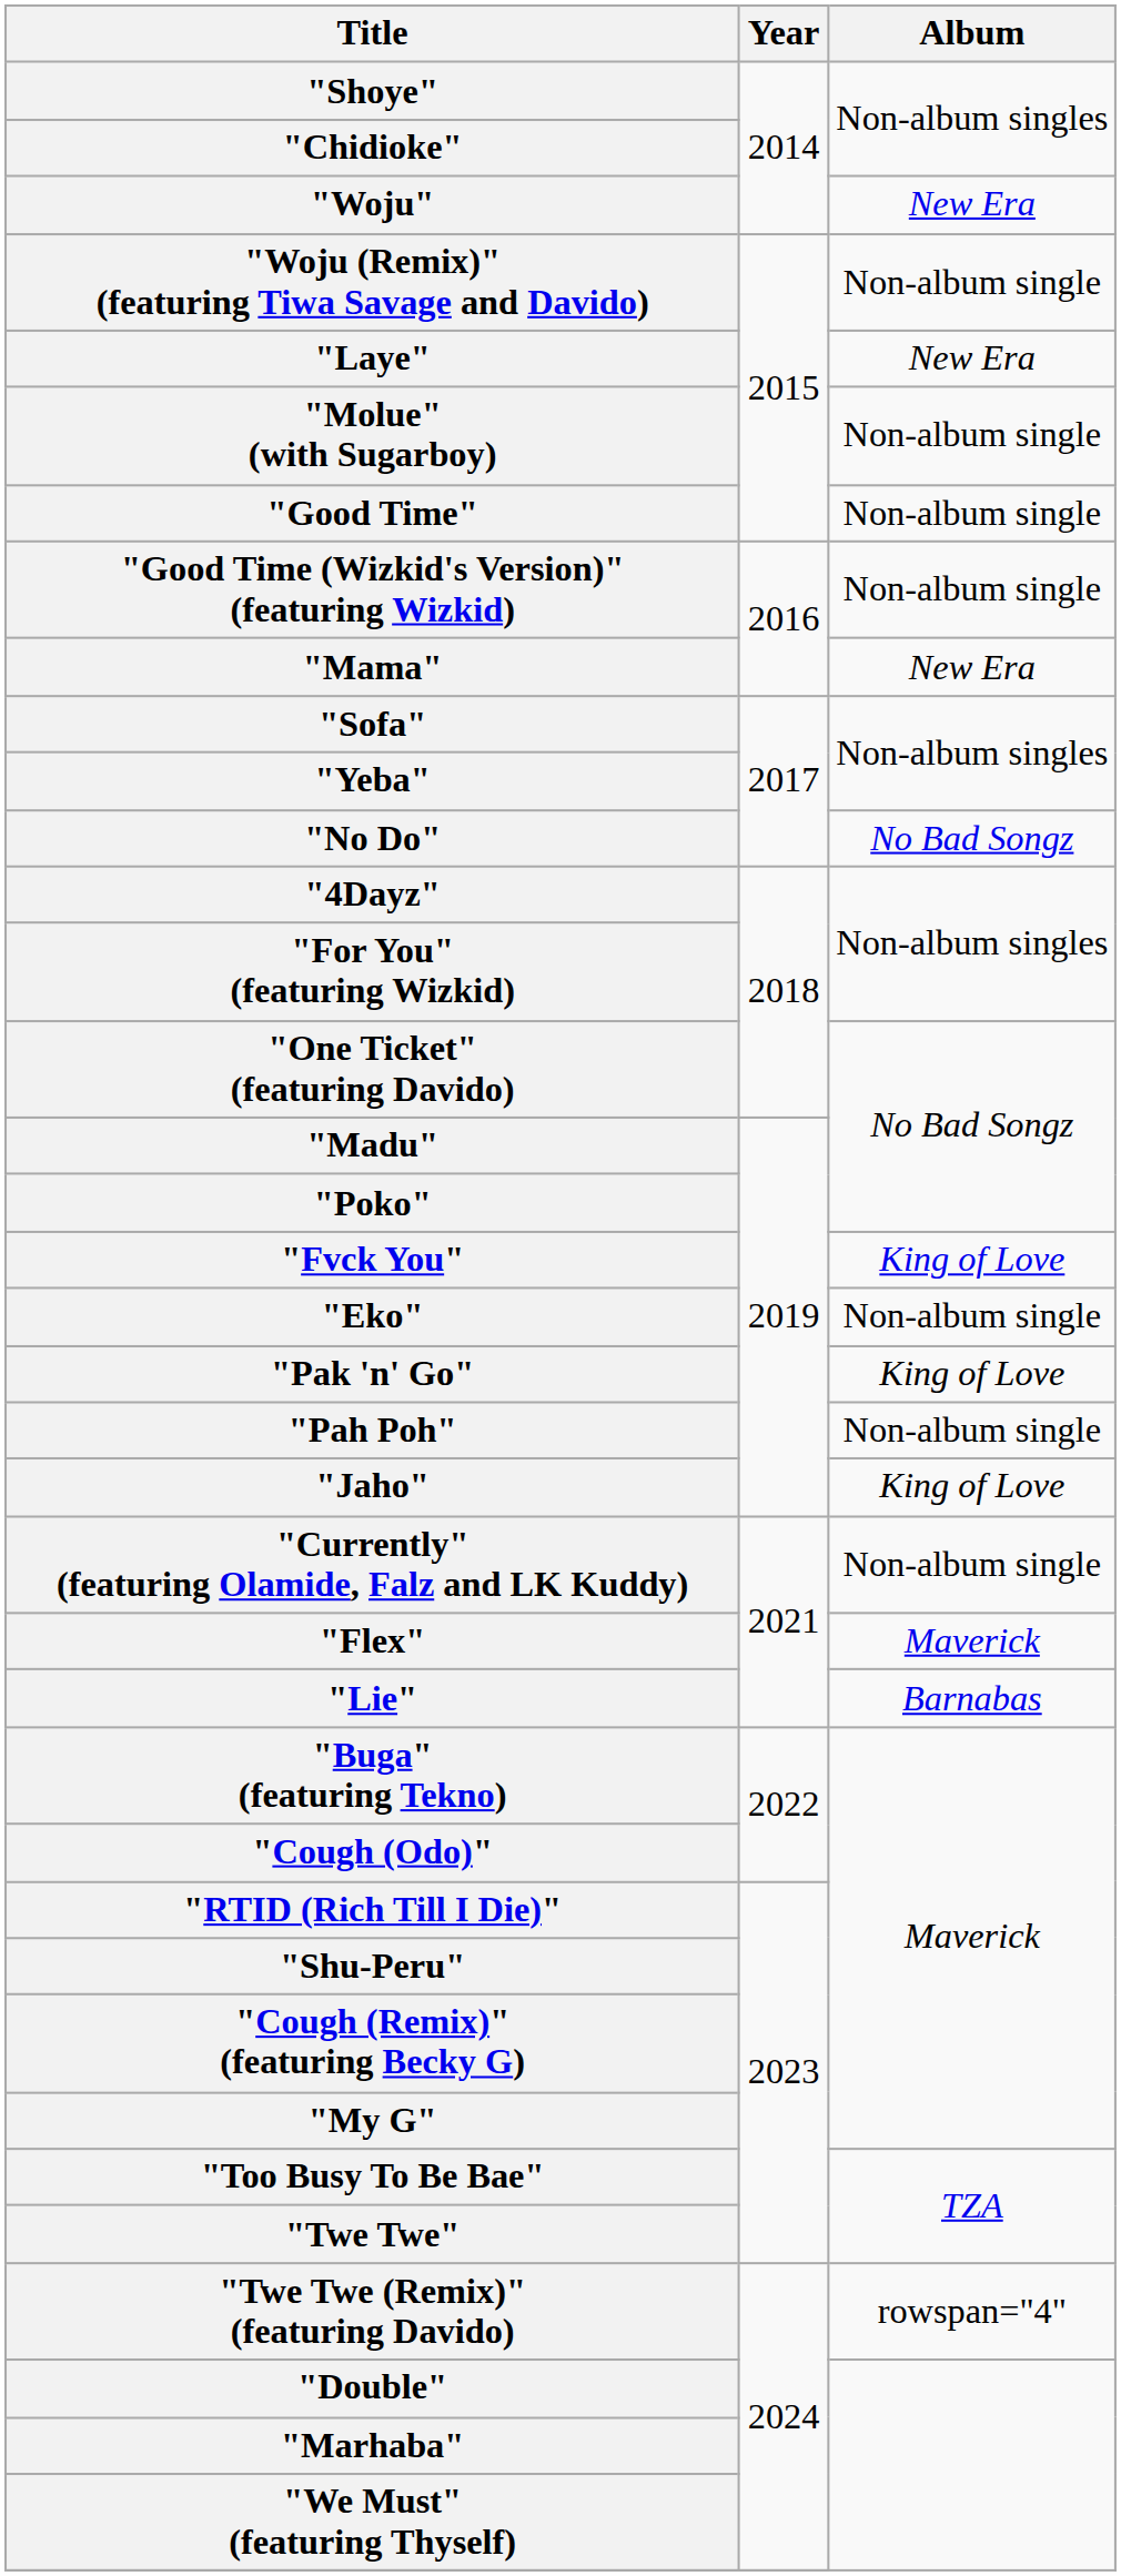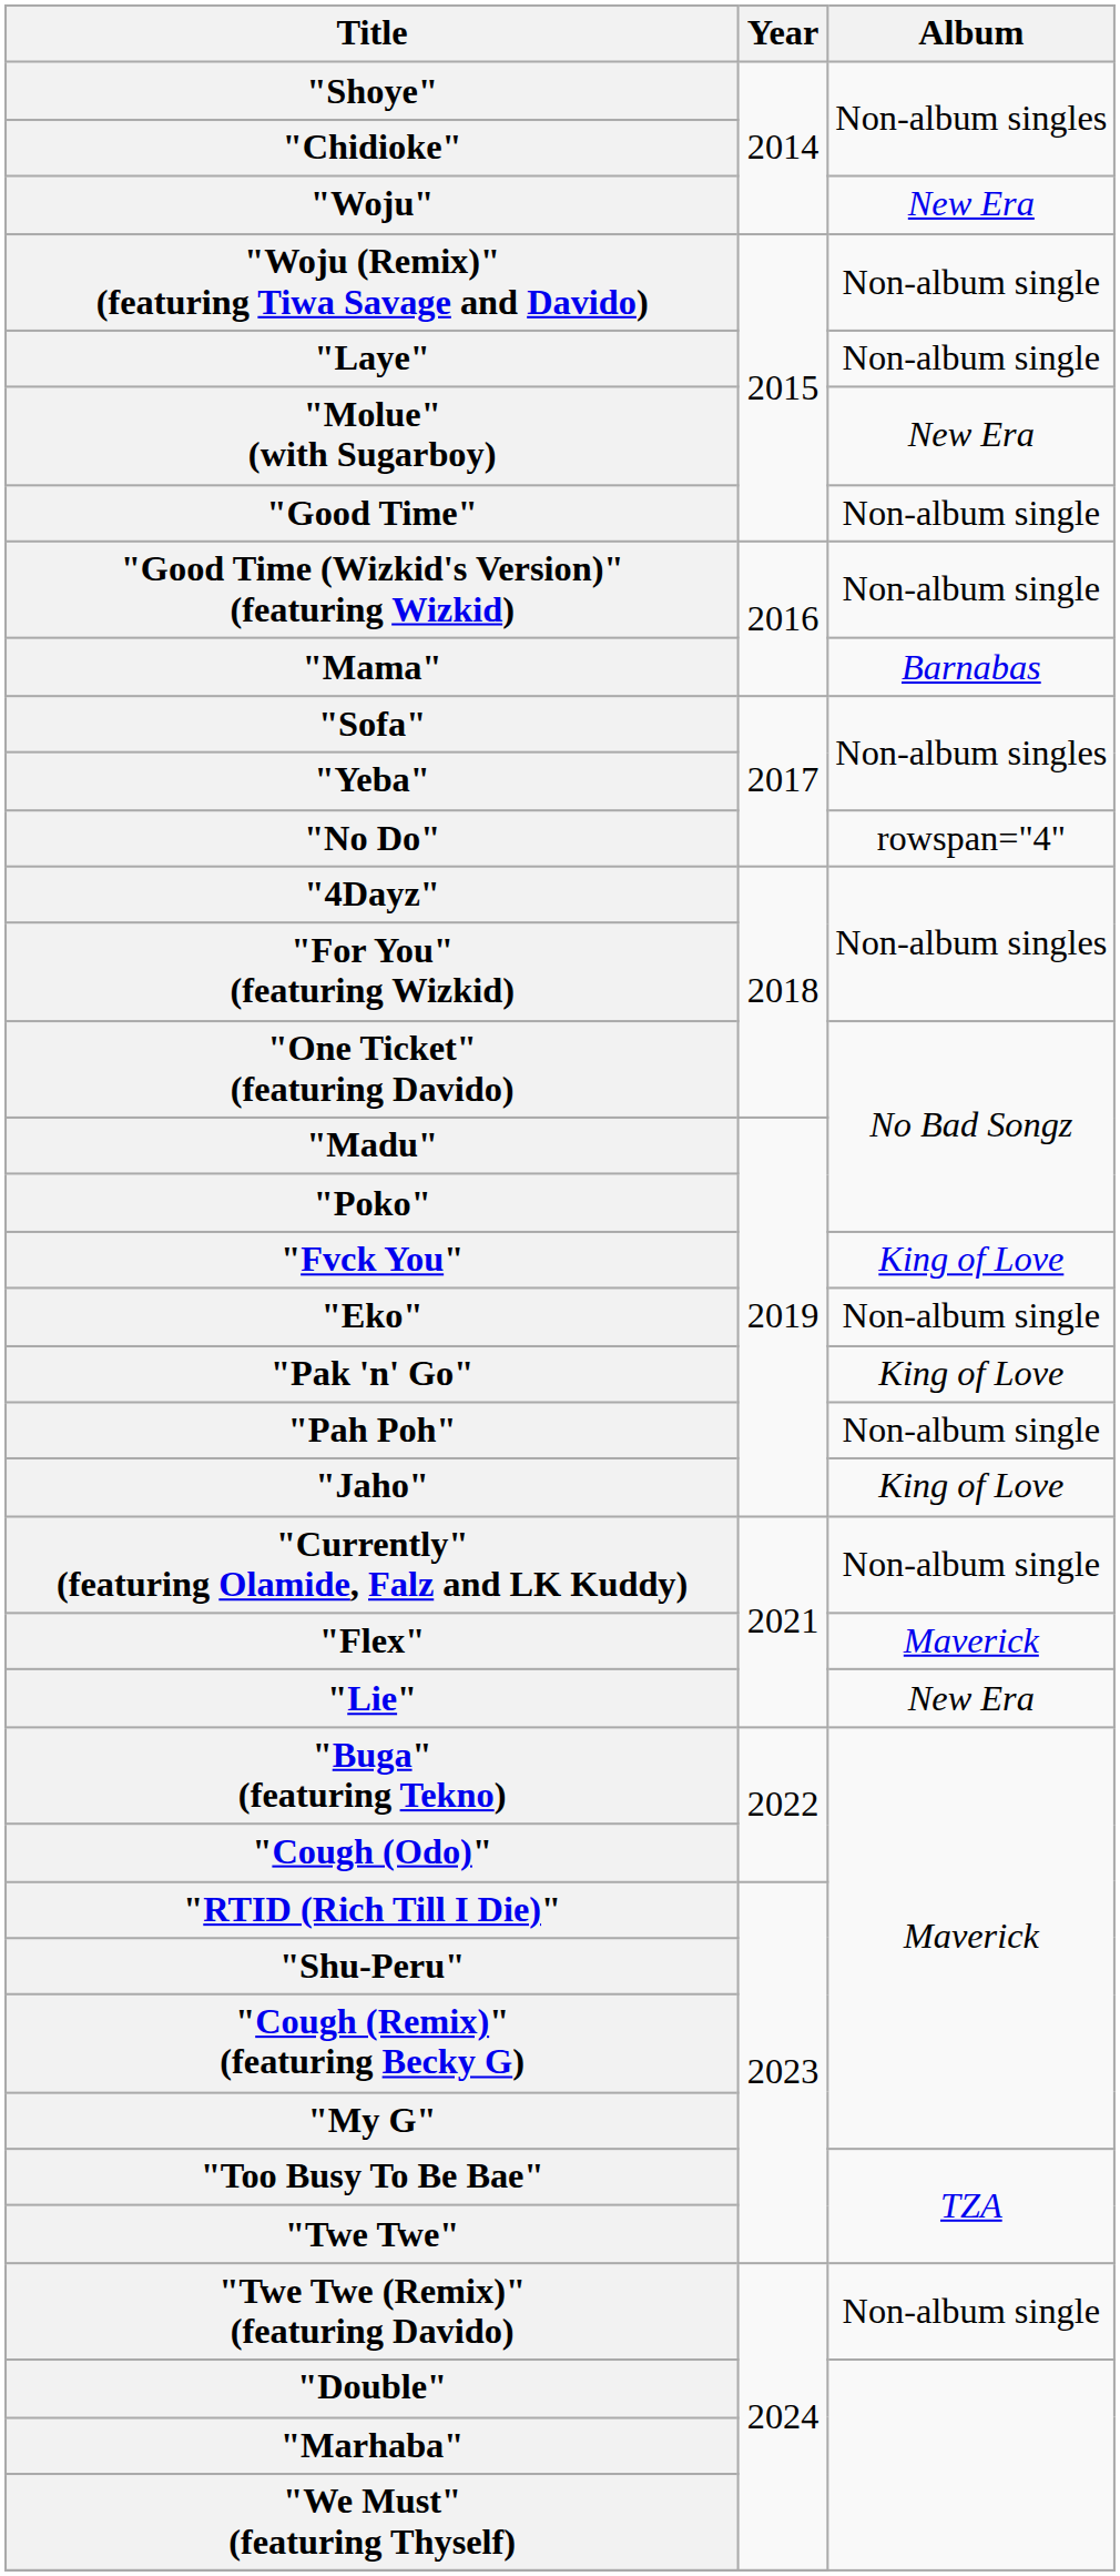 <table class="wikitable plainrowheaders" style="text-align:center;">
 <tr>
 <th scope="col" style="width:20em;">Title</th>
 <th scope="col">Year</th>
 <th scope="col">Album</th>
 </tr>
 <tr>
 <th scope="row">"Shoye"</th>
 <td rowspan="3">2014</td>
 <td rowspan="2">Non-album singles</td>
 </tr>
 <tr>
 <th scope="row">"Chidioke"</th>
 </tr>
 <tr>
 <th scope="row">"Woju"</th>
 <td><em><a href='#'>New Era</a></em></td>
 </tr>
 <tr>
 <th scope="row">"Woju (Remix)"<br><span>(featuring <a href='#'>Tiwa Savage</a> and <a href='#'>Davido</a>)</span></th>
 <td rowspan="4">2015</td>
 <td>Non-album single</td>
 </tr>
 <tr>
 <th scope="row">"Laye"</th>
-<td><em>New Era</em></td>
+<td>Non-album single</td>
 </tr>
 <tr>
 <th scope="row">"Molue"<br><span>(with Sugarboy)</span></th>
-<td>Non-album single</td>
+<td><em>New Era</em></td>
 </tr>
 <tr>
 <th scope="row">"Good Time"</th>
 <td>Non-album single</td>
 </tr>
 <tr>
 <th scope="row">"Good Time (Wizkid's Version)"<br><span>(featuring <a href='#'>Wizkid</a>)</span></th>
 <td rowspan="2">2016</td>
 <td>Non-album single</td>
 </tr>
 <tr>
 <th scope="row">"Mama"</th>
-<td><em>New Era</em></td>
+<td><em><a href='#'>Barnabas</a></em></td>
 </tr>
 <tr>
 <th scope="row">"Sofa"</th>
 <td rowspan="3">2017</td>
 <td rowspan="2">Non-album singles</td>
 </tr>
 <tr>
 <th scope="row">"Yeba"</th>
 </tr>
 <tr>
 <th scope="row">"No Do"</th>
-<td><em><a href='#'>No Bad Songz</a></em></td>
+<td>rowspan="4" </td>
 </tr>
 <tr>
 <th scope="row">"4Dayz"</th>
 <td rowspan="3">2018</td>
 <td rowspan="2">Non-album singles</td>
 </tr>
 <tr>
 <th scope="row">"For You"<br><span>(featuring Wizkid)</span></th>
 </tr>
 <tr>
 <th scope="row">"One Ticket"<br><span>(featuring Davido)</span></th>
 <td rowspan="3"><em>No Bad Songz</em></td>
 </tr>
 <tr>
 <th scope="row">"Madu"</th>
 <td rowspan="7">2019</td>
 </tr>
 <tr>
 <th scope="row">"Poko"</th>
 </tr>
 <tr>
 <th scope="row">"<a href='#'>Fvck You</a>"</th>
 <td><em><a href='#'>King of Love</a></em></td>
 </tr>
 <tr>
 <th scope="row">"Eko"</th>
 <td>Non-album single</td>
 </tr>
 <tr>
 <th scope="row">"Pak 'n' Go"</th>
 <td><em>King of Love</em></td>
 </tr>
 <tr>
 <th scope="row">"Pah Poh"</th>
 <td>Non-album single</td>
 </tr>
 <tr>
 <th scope="row">"Jaho"</th>
 <td><em>King of Love</em></td>
 </tr>
 <tr>
 <th scope="row">"Currently" <br><span>(featuring <a href='#'>Olamide</a>, <a href='#'>Falz</a> and LK Kuddy)</span></th>
 <td rowspan="3">2021</td>
 <td>Non-album single</td>
 </tr>
 <tr>
 <th scope="row">"Flex"</th>
 <td><em><a href='#'>Maverick</a></em></td>
 </tr>
 <tr>
 <th scope="row">"<a href='#'>Lie</a>"</th>
-<td><em><a href='#'>Barnabas</a></em></td>
+<td><em>New Era</em></td>
 </tr>
 <tr>
 <th scope="row">"<a href='#'>Buga</a>" <br><span>(featuring <a href='#'>Tekno</a>)</span></th>
 <td rowspan="2">2022</td>
 <td rowspan="6"><em>Maverick</em></td>
 </tr>
 <tr>
 <th scope="row">"<a href='#'>Cough (Odo)</a>"</th>
 </tr>
 <tr>
 <th scope="row">"<a href='#'>RTID (Rich Till I Die)</a>"</th>
 <td rowspan="6">2023</td>
 </tr>
 <tr>
 <th scope="row">"Shu-Peru"</th>
 </tr>
 <tr>
 <th scope="row">"<a href='#'>Cough (Remix)</a>" <br><span>(featuring <a href='#'>Becky G</a>)</span></th>
 </tr>
 <tr>
 <th scope="row">"My G"</th>
 </tr>
 <tr>
 <th scope="row">"Too Busy To Be Bae"</th>
 <td rowspan="2"><em><a href='#'>TZA</a></em></td>
 </tr>
 <tr>
 <th scope="row">"Twe Twe"</th>
 </tr>
 <tr>
 <th scope="row">"Twe Twe (Remix)" <br><span>(featuring Davido)</span></th>
 <td rowspan="4">2024</td>
-<td>rowspan="4" </td>
+<td>Non-album single</td>
 </tr>
 <tr>
 <th scope="row">"Double"</th>
 </tr>
 <tr>
 <th scope="row">"Marhaba"</th>
 </tr>
 <tr>
 <th scope="row">"We Must" <br><span>(featuring Thyself)</span></th>
 </tr>
 <tr>
 </tr>
 </table>
